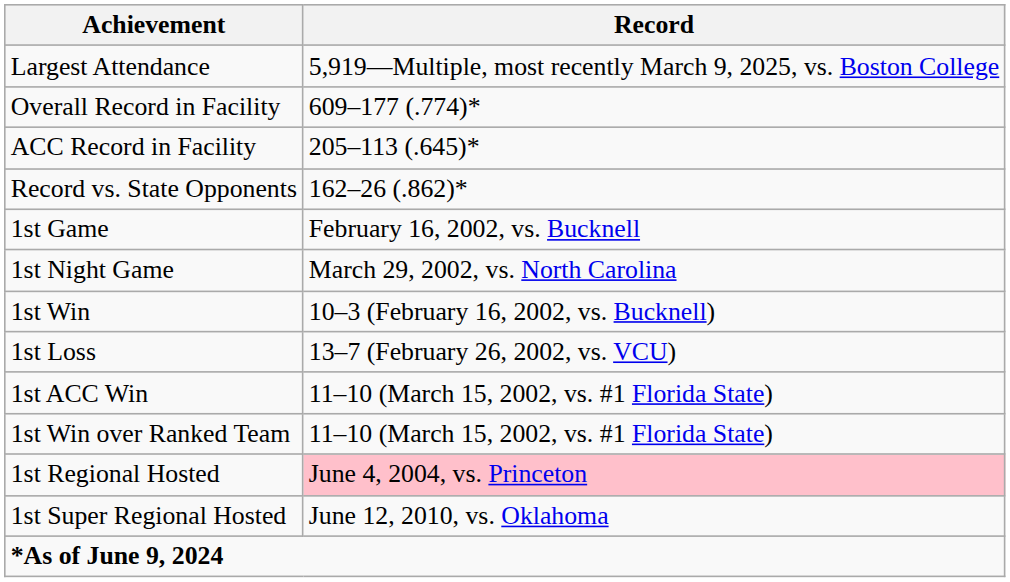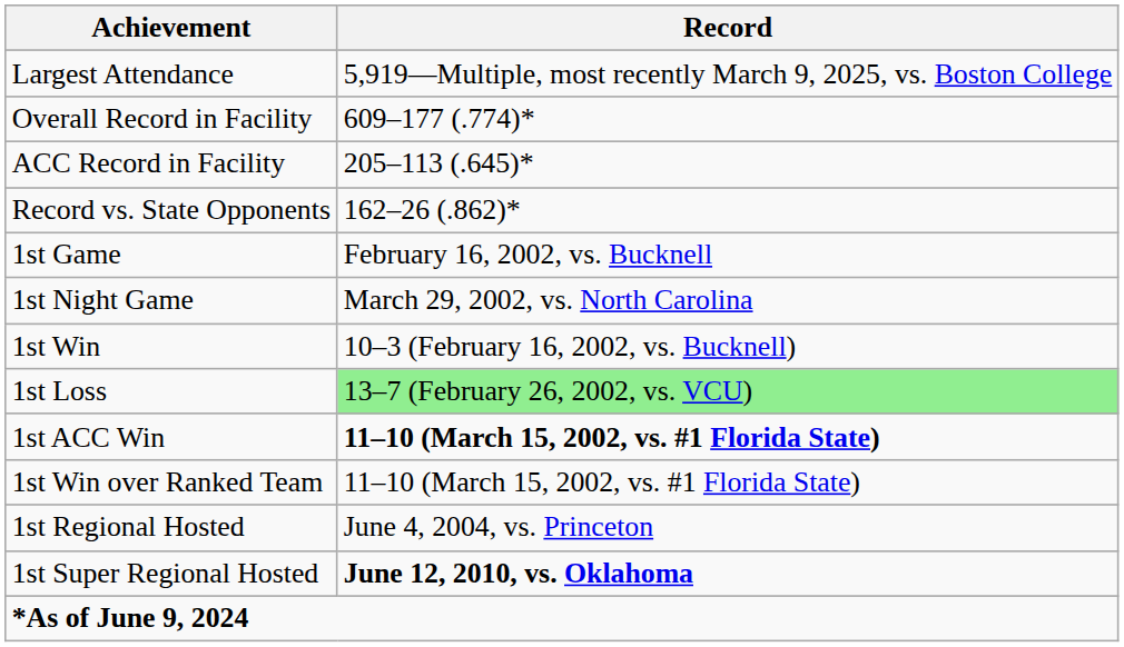 <table class="wikitable">
 <tr>
 <th>Achievement</th>
 <th>Record</th>
 </tr>
 <tr>
 <td>Largest Attendance</td>
 <td>5,919—Multiple, most recently March 9, 2025, vs. <a href='#'>Boston College</a></td>
 </tr>
 <tr>
 <td>Overall Record in Facility</td>
 <td>609–177 (.774)*</td>
 </tr>
 <tr>
 <td>ACC Record in Facility</td>
 <td>205–113 (.645)*</td>
 </tr>
 <tr>
 <td>Record vs. State Opponents</td>
 <td>162–26 (.862)*</td>
 </tr>
 <tr>
 <td>1st Game</td>
 <td>February 16, 2002, vs. <a href='#'>Bucknell</a></td>
 </tr>
 <tr>
 <td>1st Night Game</td>
 <td>March 29, 2002, vs. <a href='#'>North Carolina</a></td>
 </tr>
 <tr>
 <td>1st Win</td>
 <td>10–3 (February 16, 2002, vs. <a href='#'>Bucknell</a>)</td>
 </tr>
 <tr>
 <td>1st Loss</td>
-<td>13–7 (February 26, 2002, vs. <a href='#'>VCU</a>)</td>
+<td style="background: lightgreen;">13–7 (February 26, 2002, vs. <a href='#'>VCU</a>)</td>
 </tr>
 <tr>
 <td>1st ACC Win</td>
-<td>11–10 (March 15, 2002, vs. #1 <a href='#'>Florida State</a>)</td>
+<td><strong>11–10 (March 15, 2002, vs. #1 <a href='#'>Florida State</a>)</strong></td>
 </tr>
 <tr>
 <td>1st Win over Ranked Team</td>
 <td>11–10 (March 15, 2002, vs. #1 <a href='#'>Florida State</a>)</td>
 </tr>
 <tr>
 <td>1st Regional Hosted</td>
-<td style="background: pink;">June 4, 2004, vs. <a href='#'>Princeton</a></td>
+<td>June 4, 2004, vs. <a href='#'>Princeton</a></td>
 </tr>
 <tr>
 <td>1st Super Regional Hosted</td>
-<td>June 12, 2010, vs. <a href='#'>Oklahoma</a></td>
+<td><strong>June 12, 2010, vs. <a href='#'>Oklahoma</a></strong></td>
 </tr>
 <tr>
 <td colspan="2"><strong>*As of June 9, 2024</strong></td>
 </tr>
 </table>
